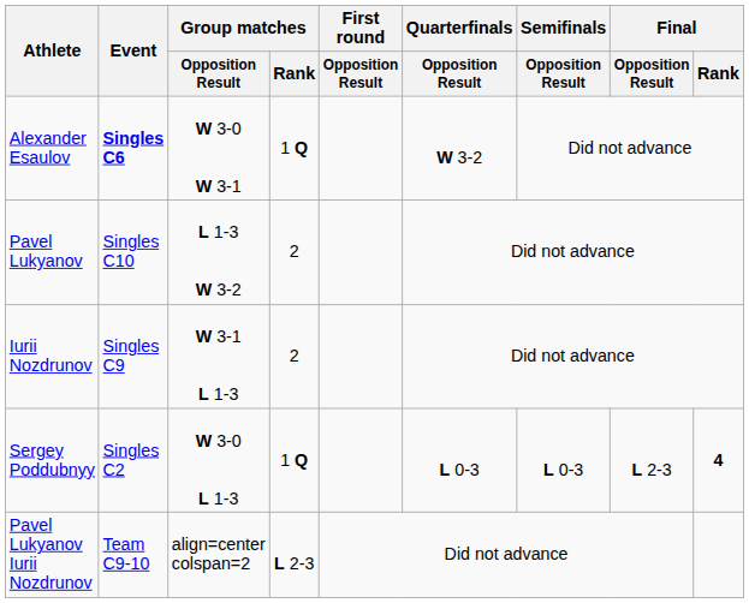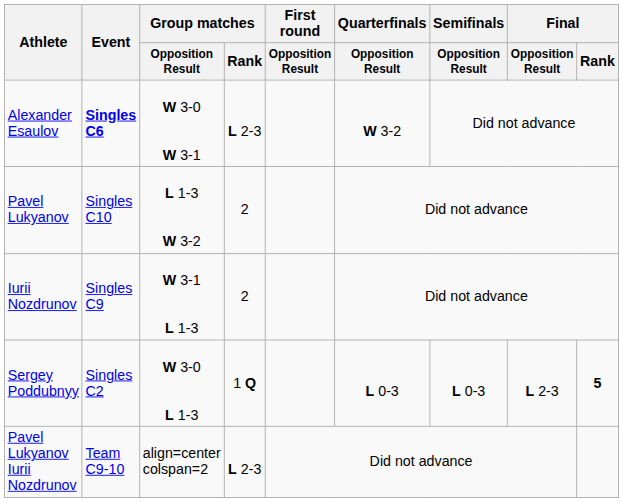 <table class=wikitable>
 <tr>
 <th rowspan="2">Athlete</th>
 <th rowspan="2">Event</th>
 <th colspan="2">Group matches</th>
 <th>First round</th>
 <th>Quarterfinals</th>
 <th>Semifinals</th>
 <th colspan="2">Final</th>
 </tr>
 <tr>
 <th style="line-height:1em"><small>Opposition<br>Result</small></th>
 <th>Rank</th>
 <th style="line-height:1em"><small>Opposition<br>Result</small></th>
 <th style="line-height:1em"><small>Opposition<br>Result</small></th>
 <th style="line-height:1em"><small>Opposition<br>Result</small></th>
 <th style="line-height:1em"><small>Opposition<br>Result</small></th>
 <th>Rank</th>
 </tr>
 <tr>
 <td><a href='#'>Alexander Esaulov</a></td>
 <td><strong><a href='#'>Singles C6</a></strong></td>
 <td align=center><br><strong>W</strong> 3-0<br><br><br><strong>W</strong> 3-1</td>
-<td align=center>1 <strong>Q</strong></td>
+<td align=center><br><strong>L</strong> 2-3</td>
 <td></td>
 <td align=center><br><strong>W</strong> 3-2</td>
 <td align=center colspan=3>Did not advance</td>
 </tr>
 <tr>
 <td><a href='#'>Pavel Lukyanov</a></td>
 <td><a href='#'>Singles C10</a></td>
 <td align=center><br><strong>L</strong> 1-3<br><br><br><strong>W</strong> 3-2</td>
 <td align=center>2</td>
 <td></td>
 <td align=center colspan=4>Did not advance</td>
 </tr>
 <tr>
 <td><a href='#'>Iurii Nozdrunov</a></td>
 <td><a href='#'>Singles C9</a></td>
 <td align=center><br><strong>W</strong> 3-1<br><br><br><strong>L</strong> 1-3</td>
 <td align=center>2</td>
 <td></td>
 <td align=center colspan=4>Did not advance</td>
 </tr>
 <tr>
 <td><a href='#'>Sergey Poddubnyy</a></td>
 <td><a href='#'>Singles C2</a></td>
 <td align=center><br><strong>W</strong> 3-0<br><br><br><strong>L</strong> 1-3</td>
 <td align=center>1 <strong>Q</strong></td>
 <td></td>
 <td align=center><br><strong>L</strong> 0-3</td>
 <td align=center><br><strong>L</strong> 0-3</td>
 <td align=center><br><strong>L</strong> 2-3</td>
-<td align=center><strong>4</strong></td>
+<td align=center><strong>5</strong></td>
 </tr>
 <tr>
 <td><a href='#'>Pavel Lukyanov</a><br><a href='#'>Iurii Nozdrunov</a></td>
 <td><a href='#'>Team C9-10</a></td>
 <td>align=center colspan=2 </td>
 <td align=center><br><strong>L</strong> 2-3</td>
 <td align=center colspan=4>Did not advance</td>
 </tr>
 </table>
